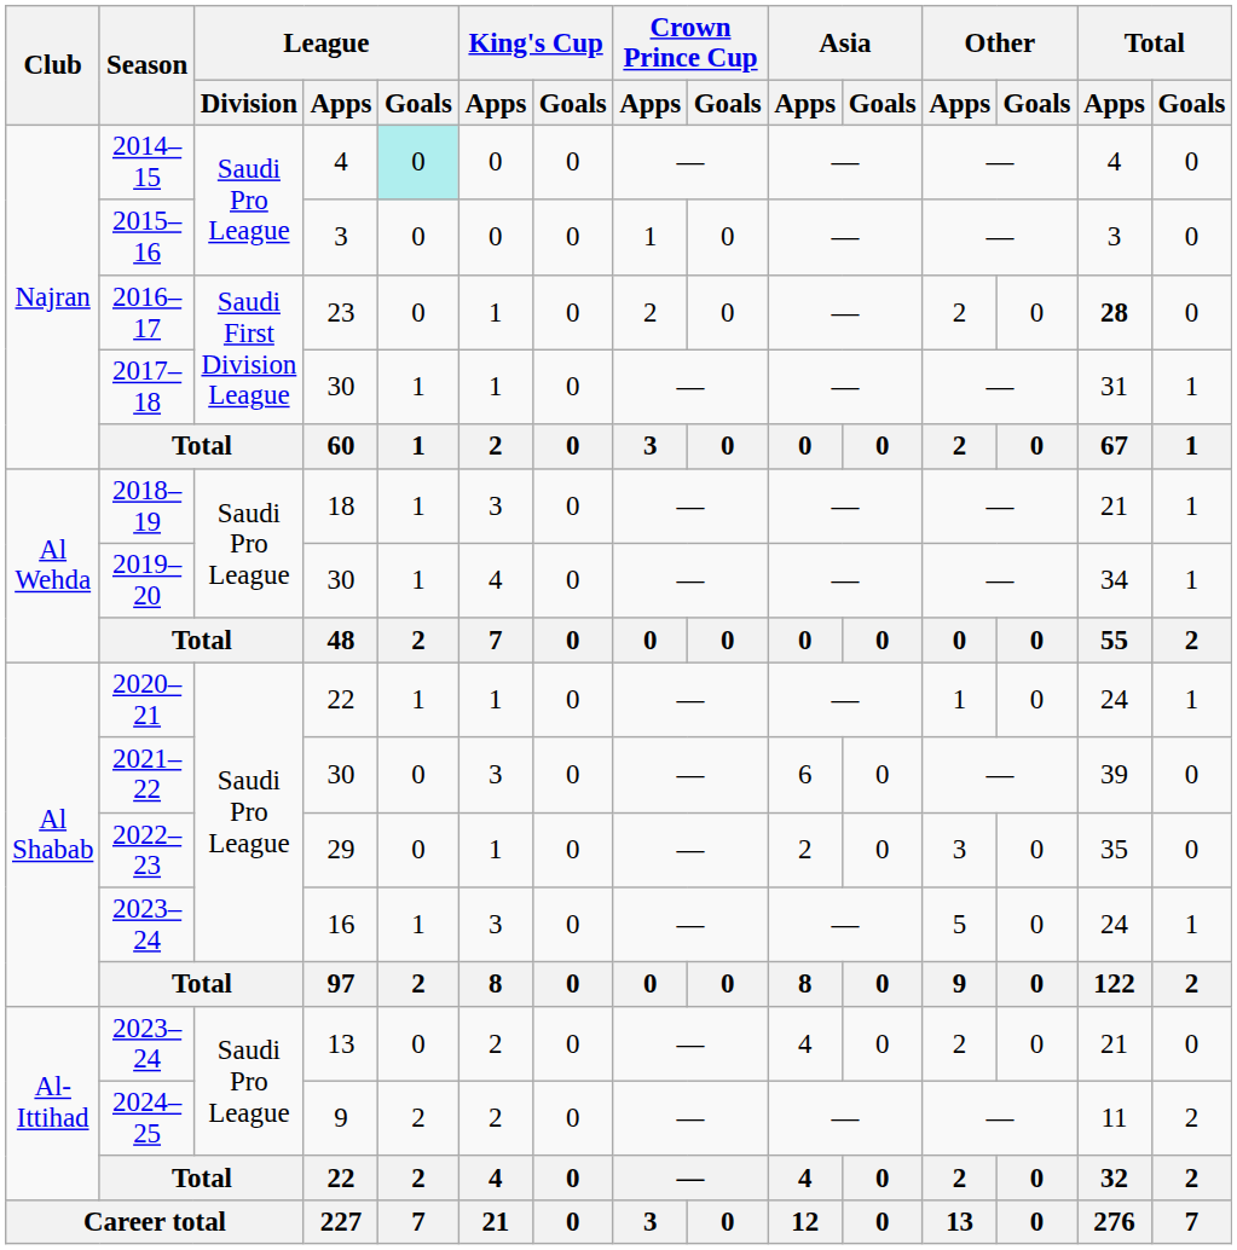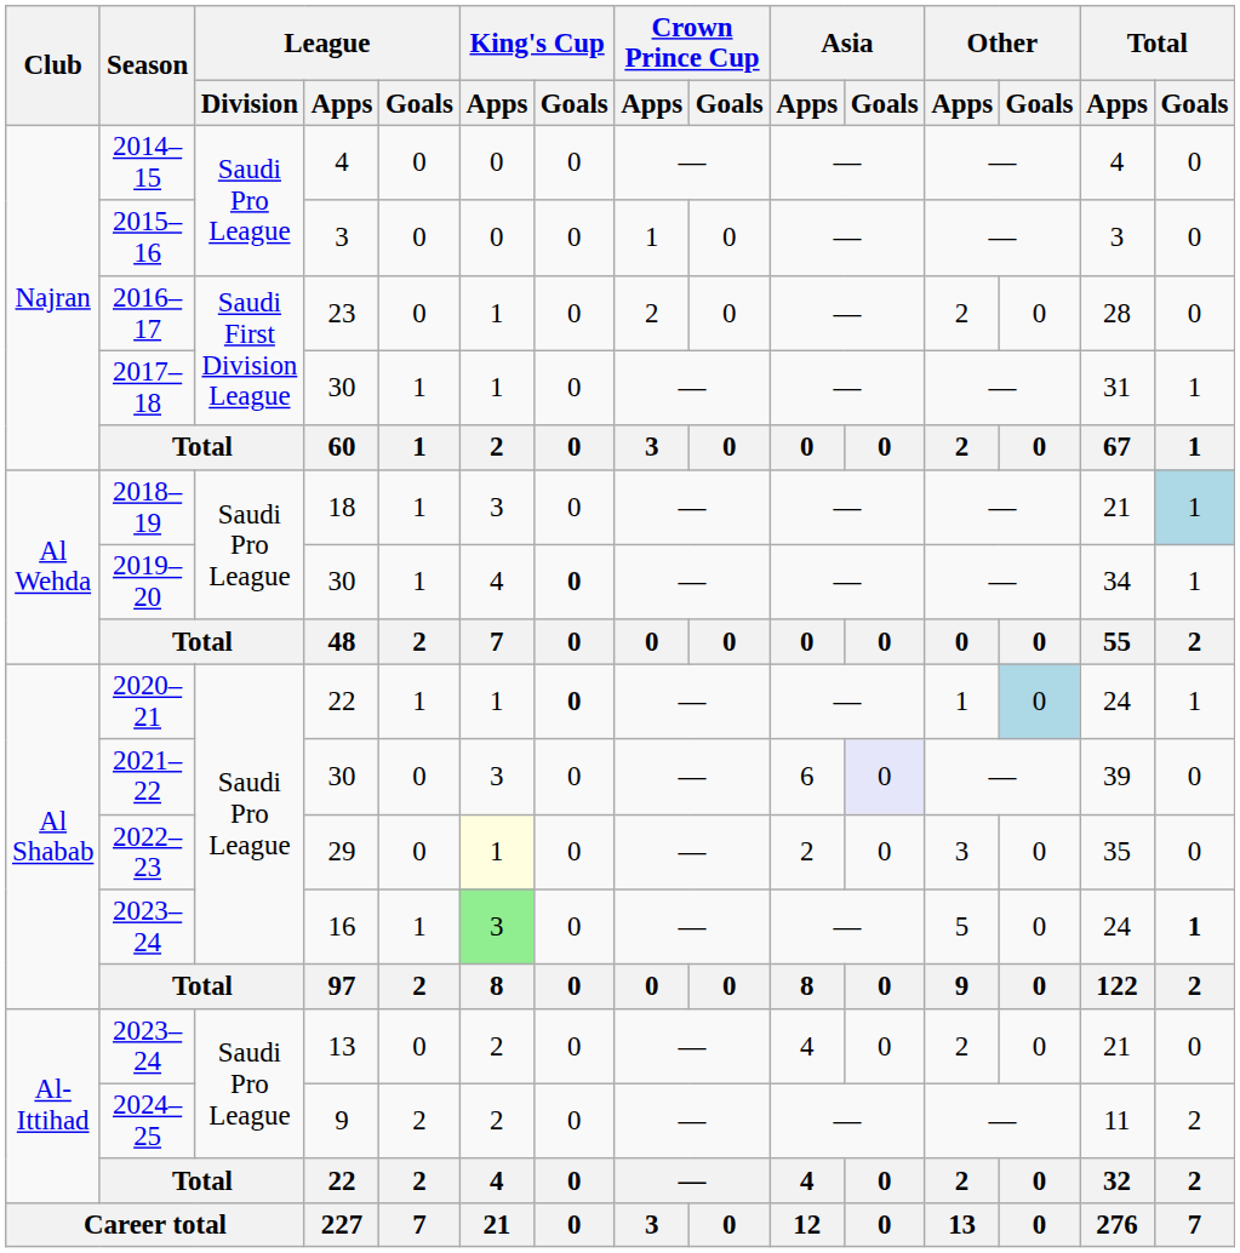 <table class="wikitable" style="text-align: center;">
 <tr>
 <th rowspan="2">Club</th>
 <th rowspan="2">Season</th>
 <th colspan="3">League</th>
 <th colspan="2"><a href='#'>King's Cup</a></th>
 <th colspan="2"><a href='#'>Crown Prince Cup</a></th>
 <th colspan="2">Asia</th>
 <th colspan="2">Other</th>
 <th colspan="2">Total</th>
 </tr>
 <tr>
 <th>Division</th>
 <th>Apps</th>
 <th>Goals</th>
 <th>Apps</th>
 <th>Goals</th>
 <th>Apps</th>
 <th>Goals</th>
 <th>Apps</th>
 <th>Goals</th>
 <th>Apps</th>
 <th>Goals</th>
 <th>Apps</th>
 <th>Goals</th>
 </tr>
 <tr>
 <td rowspan="5" valign="center"><a href='#'>Najran</a></td>
 <td><a href='#'>2014–15</a></td>
 <td rowspan="2"><a href='#'>Saudi Pro League</a></td>
 <td>4</td>
-<td style="background: paleturquoise;">0</td>
+<td>0</td>
 <td>0</td>
 <td>0</td>
 <td colspan="2">—</td>
 <td colspan="2">—</td>
 <td colspan="2">—</td>
 <td>4</td>
 <td>0</td>
 </tr>
 <tr>
 <td><a href='#'>2015–16</a></td>
 <td>3</td>
 <td>0</td>
 <td>0</td>
 <td>0</td>
 <td>1</td>
 <td>0</td>
 <td colspan="2">—</td>
 <td colspan="2">—</td>
 <td>3</td>
 <td>0</td>
 </tr>
 <tr>
 <td><a href='#'>2016–17</a></td>
 <td rowspan="2"><a href='#'>Saudi First Division League</a></td>
 <td>23</td>
 <td>0</td>
 <td>1</td>
 <td>0</td>
 <td>2</td>
 <td>0</td>
 <td colspan="2">—</td>
 <td>2</td>
 <td>0</td>
-<td><strong>28</strong></td>
+<td>28</td>
 <td>0</td>
 </tr>
 <tr>
 <td><a href='#'>2017–18</a></td>
 <td>30</td>
 <td>1</td>
 <td>1</td>
 <td>0</td>
 <td colspan="2">—</td>
 <td colspan="2">—</td>
 <td colspan="2">—</td>
 <td>31</td>
 <td>1</td>
 </tr>
 <tr>
 <th colspan="2">Total</th>
 <th>60</th>
 <th>1</th>
 <th>2</th>
 <th>0</th>
 <th>3</th>
 <th>0</th>
 <th>0</th>
 <th>0</th>
 <th>2</th>
 <th>0</th>
 <th>67</th>
 <th>1</th>
 </tr>
 <tr>
 <td rowspan="3" valign="center"><a href='#'>Al Wehda</a></td>
 <td><a href='#'>2018–19</a></td>
 <td rowspan="2">Saudi Pro League</td>
 <td>18</td>
 <td>1</td>
 <td>3</td>
 <td>0</td>
 <td colspan="2">—</td>
 <td colspan="2">—</td>
 <td colspan="2">—</td>
 <td>21</td>
-<td>1</td>
+<td style="background: lightblue;">1</td>
 </tr>
 <tr>
 <td><a href='#'>2019–20</a></td>
 <td>30</td>
 <td>1</td>
 <td>4</td>
-<td>0</td>
+<td><strong>0</strong></td>
 <td colspan="2">—</td>
 <td colspan="2">—</td>
 <td colspan="2">—</td>
 <td>34</td>
 <td>1</td>
 </tr>
 <tr>
 <th colspan="2">Total</th>
 <th>48</th>
 <th>2</th>
 <th>7</th>
 <th>0</th>
 <th>0</th>
 <th>0</th>
 <th>0</th>
 <th>0</th>
 <th>0</th>
 <th>0</th>
 <th>55</th>
 <th>2</th>
 </tr>
 <tr>
 <td rowspan="5" valign="center"><a href='#'>Al Shabab</a></td>
 <td><a href='#'>2020–21</a></td>
 <td rowspan="4">Saudi Pro League</td>
 <td>22</td>
 <td>1</td>
 <td>1</td>
-<td>0</td>
+<td><strong>0</strong></td>
 <td colspan="2">—</td>
 <td colspan="2">—</td>
 <td>1</td>
-<td>0</td>
+<td style="background: lightblue;">0</td>
 <td>24</td>
 <td>1</td>
 </tr>
 <tr>
 <td><a href='#'>2021–22</a></td>
 <td>30</td>
 <td>0</td>
 <td>3</td>
 <td>0</td>
 <td colspan="2">—</td>
 <td>6</td>
-<td>0</td>
+<td style="background: lavender;">0</td>
 <td colspan="2">—</td>
 <td>39</td>
 <td>0</td>
 </tr>
 <tr>
 <td><a href='#'>2022–23</a></td>
 <td>29</td>
 <td>0</td>
-<td>1</td>
+<td style="background: lightyellow;">1</td>
 <td>0</td>
 <td colspan="2">—</td>
 <td>2</td>
 <td>0</td>
 <td>3</td>
 <td>0</td>
 <td>35</td>
 <td>0</td>
 </tr>
 <tr>
 <td><a href='#'>2023–24</a></td>
 <td>16</td>
 <td>1</td>
-<td>3</td>
+<td style="background: lightgreen;">3</td>
 <td>0</td>
 <td colspan="2">—</td>
 <td colspan="2">—</td>
 <td>5</td>
 <td>0</td>
 <td>24</td>
-<td>1</td>
+<td><strong>1</strong></td>
 </tr>
 <tr>
 <th colspan="2">Total</th>
 <th>97</th>
 <th>2</th>
 <th>8</th>
 <th>0</th>
 <th>0</th>
 <th>0</th>
 <th>8</th>
 <th>0</th>
 <th>9</th>
 <th>0</th>
 <th>122</th>
 <th>2</th>
 </tr>
 <tr>
 <td rowspan="3" valign="center"><a href='#'>Al-Ittihad</a></td>
 <td><a href='#'>2023–24</a></td>
 <td rowspan="2">Saudi Pro League</td>
 <td>13</td>
 <td>0</td>
 <td>2</td>
 <td>0</td>
 <td colspan="2">—</td>
 <td>4</td>
 <td>0</td>
 <td>2</td>
 <td>0</td>
 <td>21</td>
 <td>0</td>
 </tr>
 <tr>
 <td><a href='#'>2024–25</a></td>
 <td>9</td>
 <td>2</td>
 <td>2</td>
 <td>0</td>
 <td colspan="2">—</td>
 <td colspan="2">—</td>
 <td colspan="2">—</td>
 <td>11</td>
 <td>2</td>
 </tr>
 <tr>
 <th colspan="2">Total</th>
 <th>22</th>
 <th>2</th>
 <th>4</th>
 <th>0</th>
 <th colspan="2">—</th>
 <th>4</th>
 <th>0</th>
 <th>2</th>
 <th>0</th>
 <th>32</th>
 <th>2</th>
 </tr>
 <tr>
 <th colspan="3">Career total</th>
 <th>227</th>
 <th>7</th>
 <th>21</th>
 <th>0</th>
 <th>3</th>
 <th>0</th>
 <th>12</th>
 <th>0</th>
 <th>13</th>
 <th>0</th>
 <th>276</th>
 <th>7</th>
 </tr>
 </table>
